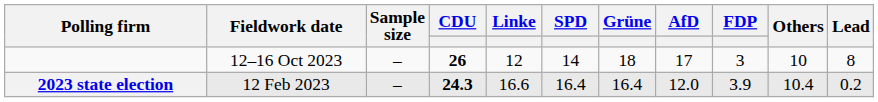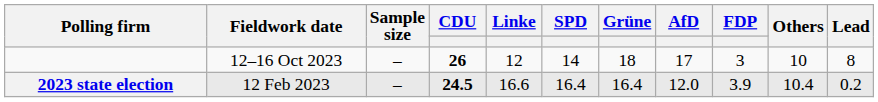 <table class="wikitable sortable" style="text-align:center;font-size:90%;line-height:14px;">
 <tr>
 <th rowspan="2" style="width:160px;">Polling firm</th>
 <th rowspan="2" style="width:125px;">Fieldwork date</th>
 <th rowspan="2" style="width:35px;">Sample<br>size</th>
 <th class="unsortable" style="width:40px;"><a href='#'>CDU</a></th>
 <th class="unsortable" style="width:40px;"><a href='#'>Linke</a></th>
 <th class="unsortable" style="width:40px;"><a href='#'>SPD</a></th>
 <th class="unsortable" style="width:40px;"><a href='#'>Grüne</a></th>
 <th class="unsortable" style="width:40px;"><a href='#'>AfD</a></th>
 <th class="unsortable" style="width:40px;"><a href='#'>FDP</a></th>
 <th rowspan="2" class="unsortable" style="width:40px;">Others</th>
 <th rowspan="2" style="width:30px;">Lead</th>
 </tr>
 <tr>
 <th style="background:"></th>
 <th style="background:"></th>
 <th style="background:"></th>
 <th style="background:"></th>
 <th style="background:"></th>
 <th style="background:"></th>
 </tr>
 <tr>
 <td></td>
 <td data-sort-value="2022-03-19">12–16 Oct 2023</td>
 <td>–</td>
 <td><strong>26</strong></td>
 <td>12</td>
 <td>14</td>
 <td>18</td>
 <td>17</td>
 <td>3</td>
 <td>10</td>
 <td style="background:">8</td>
 </tr>
 <tr style="background:#E9E9E9;">
 <th><a href='#'>2023 state election</a></th>
 <td>12 Feb 2023</td>
 <td>–</td>
-<td><strong>24.3</strong></td>
+<td><strong>24.5</strong></td>
 <td>16.6</td>
 <td>16.4</td>
 <td>16.4</td>
 <td>12.0</td>
 <td>3.9</td>
 <td>10.4</td>
 <td style="background:">0.2</td>
 </tr>
 </table>
